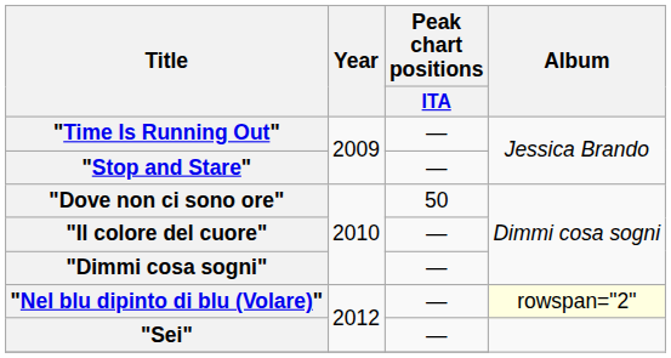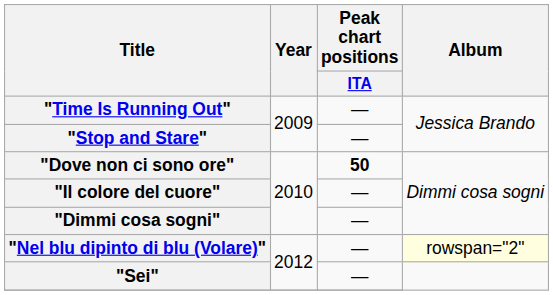 <table class="wikitable plainrowheaders" style="text-align:center;">
 <tr>
 <th scope="col" rowspan="2">Title</th>
 <th scope="col" rowspan="2">Year</th>
 <th scope="col" colspan="1">Peak chart positions</th>
 <th scope="col" rowspan="2">Album</th>
 </tr>
 <tr>
 <th scope="col" style="width:3em;font-size:90%;"><a href='#'>ITA</a></th>
 </tr>
 <tr>
 <th scope="row">"<a href='#'>Time Is Running Out</a>"</th>
 <td rowspan="2">2009</td>
 <td>—</td>
 <td rowspan="2"><em>Jessica Brando</em></td>
 </tr>
 <tr>
 <th scope="row">"<a href='#'>Stop and Stare</a>"</th>
 <td>—</td>
 </tr>
 <tr>
 <th scope="row">"Dove non ci sono ore"</th>
 <td rowspan="3">2010</td>
-<td>50<br></td>
+<td><strong>50<br></strong></td>
 <td rowspan="3"><em>Dimmi cosa sogni</em></td>
 </tr>
 <tr>
 <th scope="row">"Il colore del cuore"</th>
 <td>—</td>
 </tr>
 <tr>
 <th scope="row">"Dimmi cosa sogni"</th>
 <td>—</td>
 </tr>
 <tr>
 <th scope="row">"<a href='#'>Nel blu dipinto di blu (Volare)</a>"</th>
 <td rowspan="2">2012</td>
 <td>—</td>
 <td style="background: lightyellow;">rowspan="2" </td>
 </tr>
 <tr>
 <th scope="row">"Sei"<br></th>
 <td>—</td>
 </tr>
 <tr>
 </tr>
 </table>
